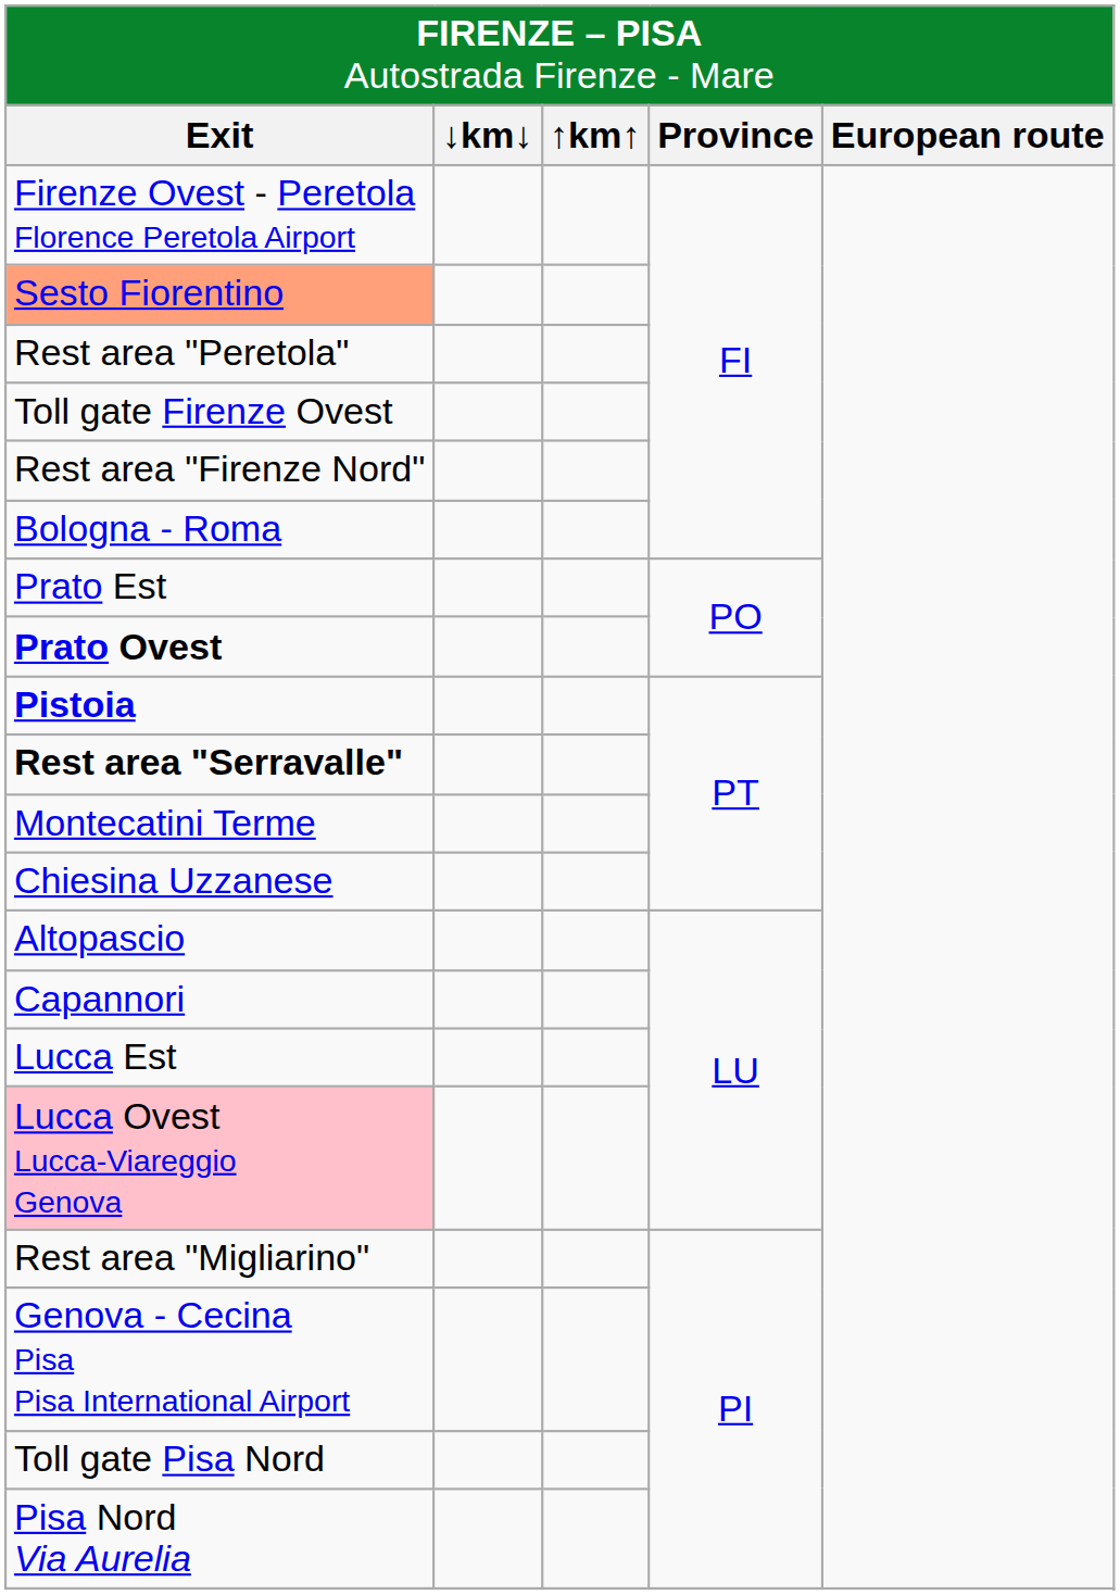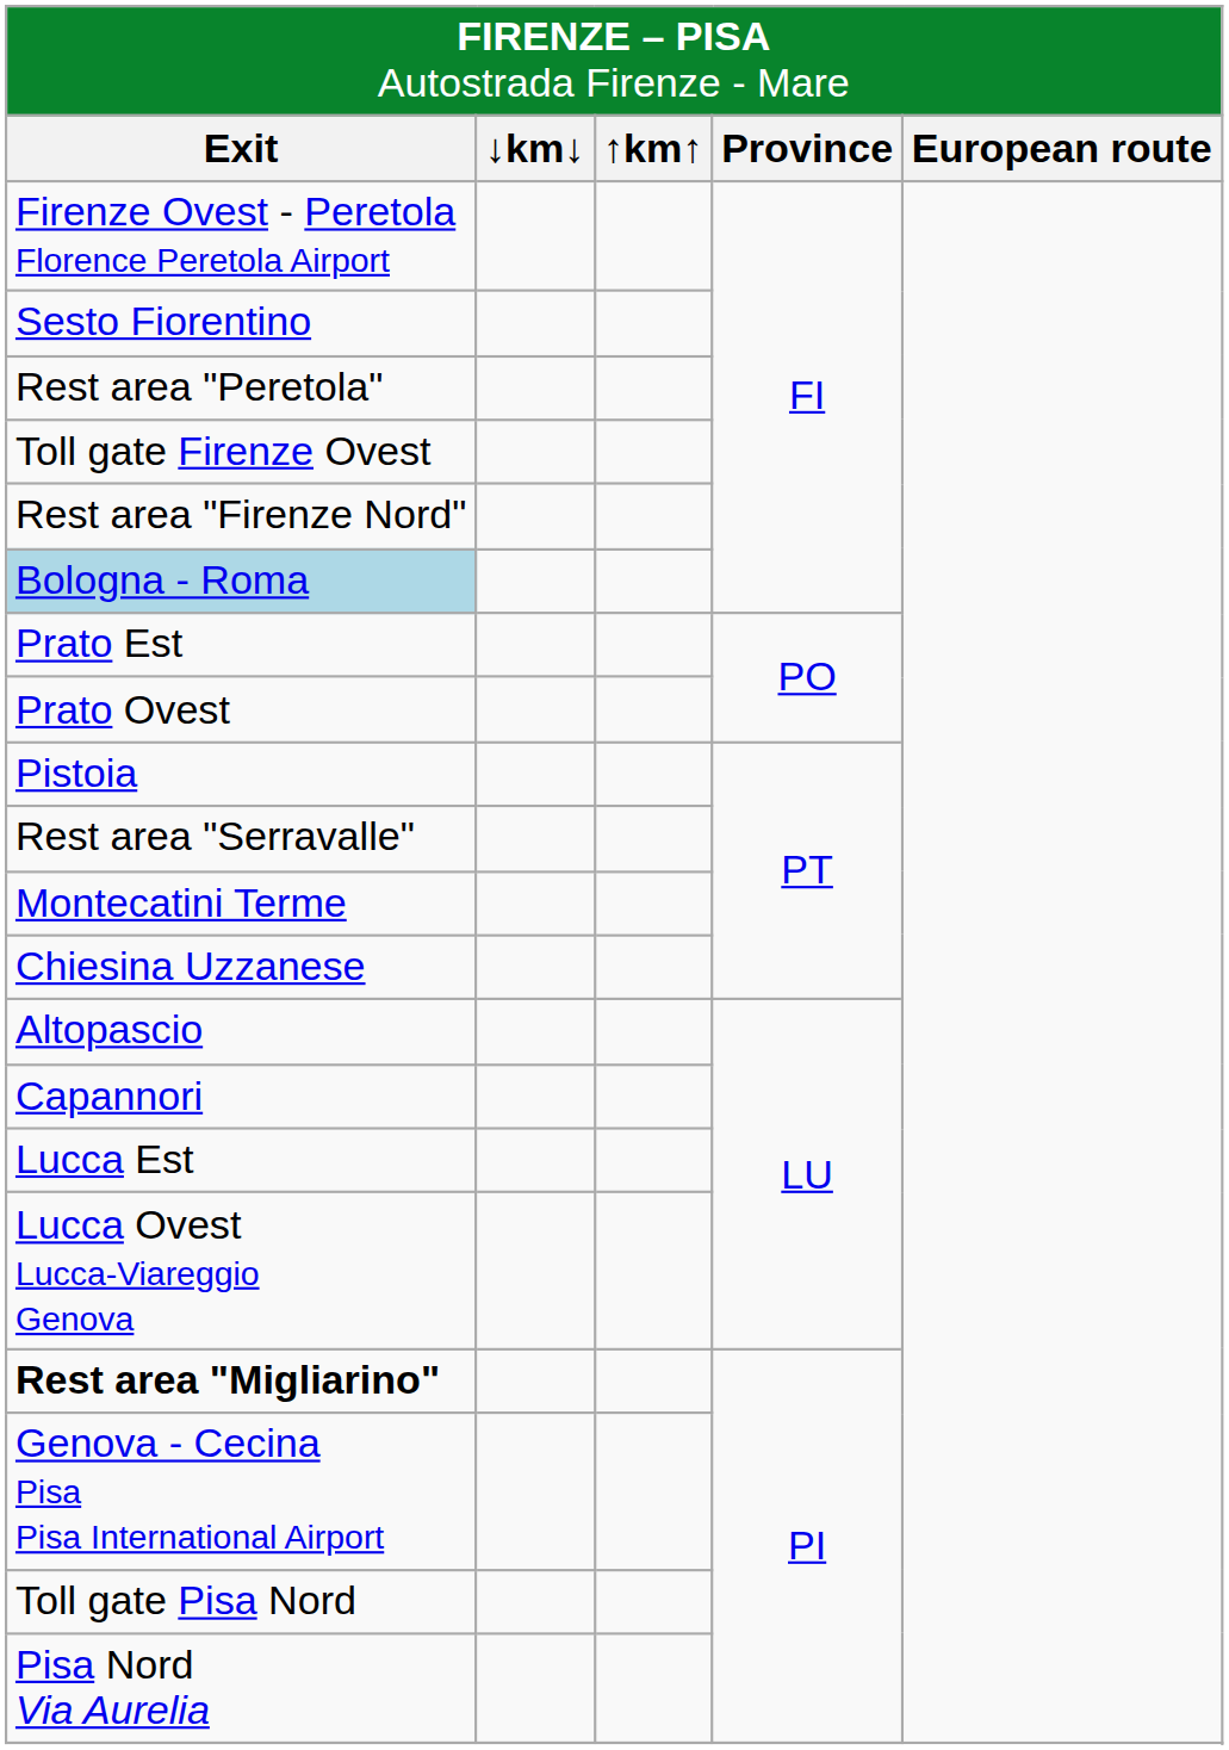 <table class="wikitable">
 <tr align="center" style="color: white;" bgcolor="#08842c">
 <td colspan="6"><strong> FIRENZE – PISA</strong><br>Autostrada Firenze - Mare</td>
 </tr>
 <tr>
 <th><strong>Exit</strong></th>
 <th align="center"><strong>↓km↓</strong></th>
 <th align="center"><strong>↑km↑</strong></th>
 <th align="center"><strong>Province</strong></th>
 <th align="center"><strong>European route</strong></th>
 </tr>
 <tr>
 <td> <a href='#'>Firenze Ovest</a> - <a href='#'>Peretola</a><br><small> <a href='#'>Florence Peretola Airport</a></small></td>
 <td align="right"></td>
 <td align="right"></td>
 <td align="center" rowspan=6><a href='#'>FI</a></td>
 <td align="center" rowspan=21></td>
 </tr>
 <tr>
-<td style="background: lightsalmon;"> <a href='#'>Sesto Fiorentino</a></td>
+<td> <a href='#'>Sesto Fiorentino</a></td>
 <td align="right"></td>
 <td align="right"></td>
 </tr>
 <tr>
 <td>  Rest area "Peretola"</td>
 <td align="right"></td>
 <td align="right"></td>
 </tr>
 <tr>
 <td> Toll gate <a href='#'>Firenze</a> Ovest</td>
 <td align="right"></td>
 <td align="right"></td>
 </tr>
 <tr>
 <td>  Rest area "Firenze Nord"</td>
 <td align="right"></td>
 <td align="right"></td>
 </tr>
 <tr>
-<td>   <a href='#'>Bologna - Roma</a></td>
+<td style="background: lightblue;">   <a href='#'>Bologna - Roma</a></td>
 <td align="right"></td>
 <td align="right"></td>
 </tr>
 <tr>
 <td> <a href='#'>Prato</a> Est</td>
 <td align="right"></td>
 <td align="right"></td>
 <td align="center" rowspan=2><a href='#'>PO</a></td>
 </tr>
 <tr>
-<td><strong> <a href='#'>Prato</a> Ovest</strong></td>
+<td> <a href='#'>Prato</a> Ovest</td>
 <td align="right"></td>
 <td align="right"></td>
 </tr>
 <tr>
-<td><strong> <a href='#'>Pistoia</a></strong></td>
+<td> <a href='#'>Pistoia</a></td>
 <td align="right"></td>
 <td align="right"></td>
 <td align="center" rowspan=4><a href='#'>PT</a></td>
 </tr>
 <tr>
-<td><strong>  Rest area "Serravalle"</strong></td>
+<td>  Rest area "Serravalle"</td>
 <td align="right"></td>
 <td align="right"></td>
 </tr>
 <tr>
 <td> <a href='#'>Montecatini Terme</a></td>
 <td align="right"></td>
 <td align="right"></td>
 </tr>
 <tr>
 <td> <a href='#'>Chiesina Uzzanese</a></td>
 <td align="right"></td>
 <td align="right"></td>
 </tr>
 <tr>
 <td> <a href='#'>Altopascio</a></td>
 <td align="right"></td>
 <td align="right"></td>
 <td align="center" rowspan=4><a href='#'>LU</a></td>
 </tr>
 <tr>
 <td> <a href='#'>Capannori</a></td>
 <td align="right"></td>
 <td align="right"></td>
 </tr>
 <tr>
 <td> <a href='#'>Lucca</a> Est</td>
 <td align="right"></td>
 <td align="right"></td>
 </tr>
 <tr>
-<td style="background: pink;"> <a href='#'>Lucca</a> Ovest<br><small> <a href='#'>Lucca-Viareggio</a><br> <a href='#'>Genova</a></small></td>
+<td> <a href='#'>Lucca</a> Ovest<br><small> <a href='#'>Lucca-Viareggio</a><br> <a href='#'>Genova</a></small></td>
 <td align="right"></td>
 <td align="right"></td>
 </tr>
 <tr>
-<td>  Rest area "Migliarino"</td>
+<td><strong>  Rest area "Migliarino"</strong></td>
 <td align="right"></td>
 <td align="right"></td>
 <td align="center" rowspan=4><a href='#'>PI</a></td>
 </tr>
 <tr>
 <td>   <a href='#'>Genova - Cecina</a><br><small> <a href='#'>Pisa</a> <br> <a href='#'>Pisa International Airport</a></small></td>
 <td align="right"></td>
 <td align="right"></td>
 </tr>
 <tr>
 <td> Toll gate <a href='#'>Pisa</a> Nord</td>
 <td align="right"></td>
 <td align="right"></td>
 </tr>
 <tr>
 <td> <a href='#'>Pisa</a> Nord<br> <em><a href='#'>Via Aurelia</a></em></td>
 <td align="right"></td>
 <td align="right"></td>
 </tr>
 <tr>
 </tr>
 </table>
